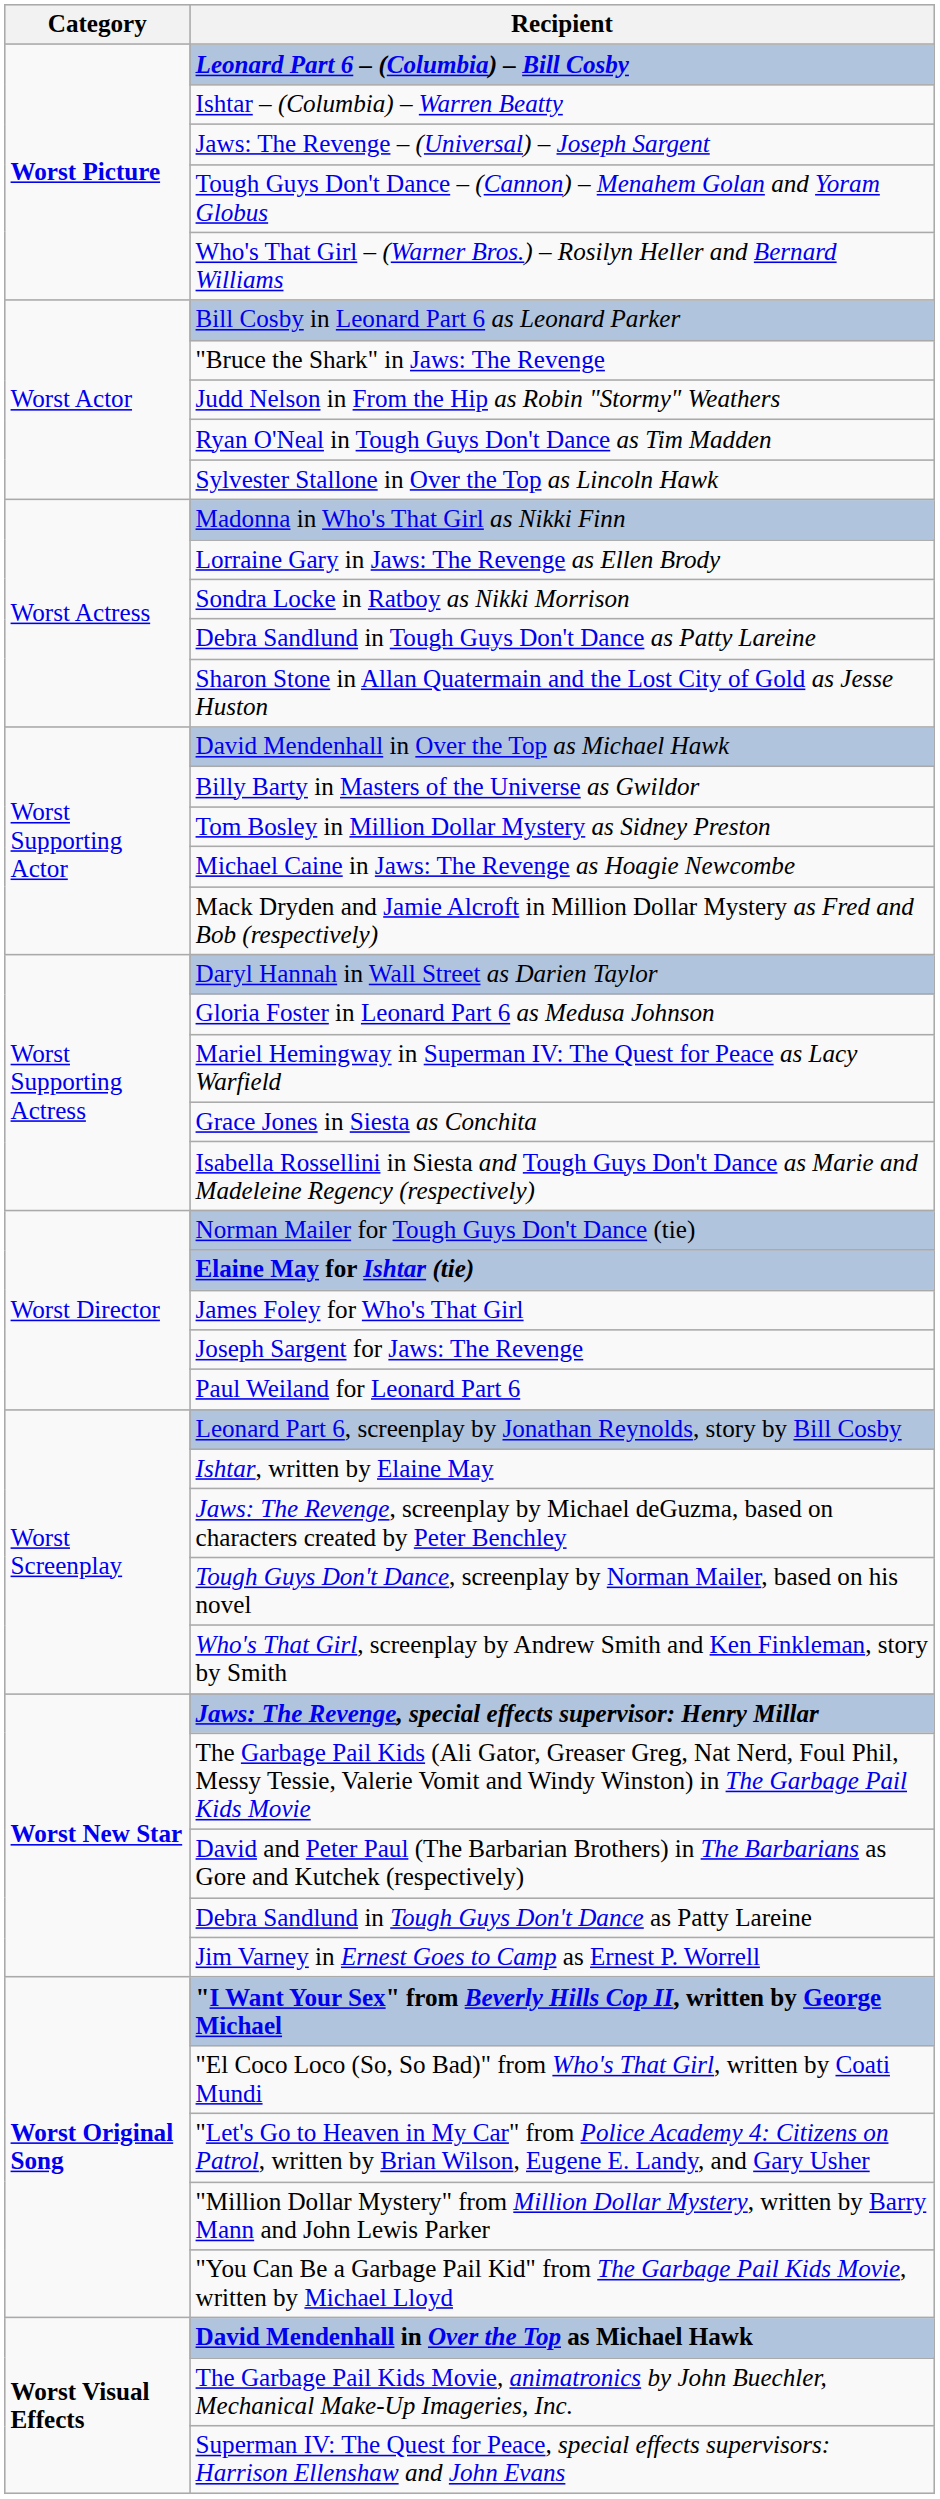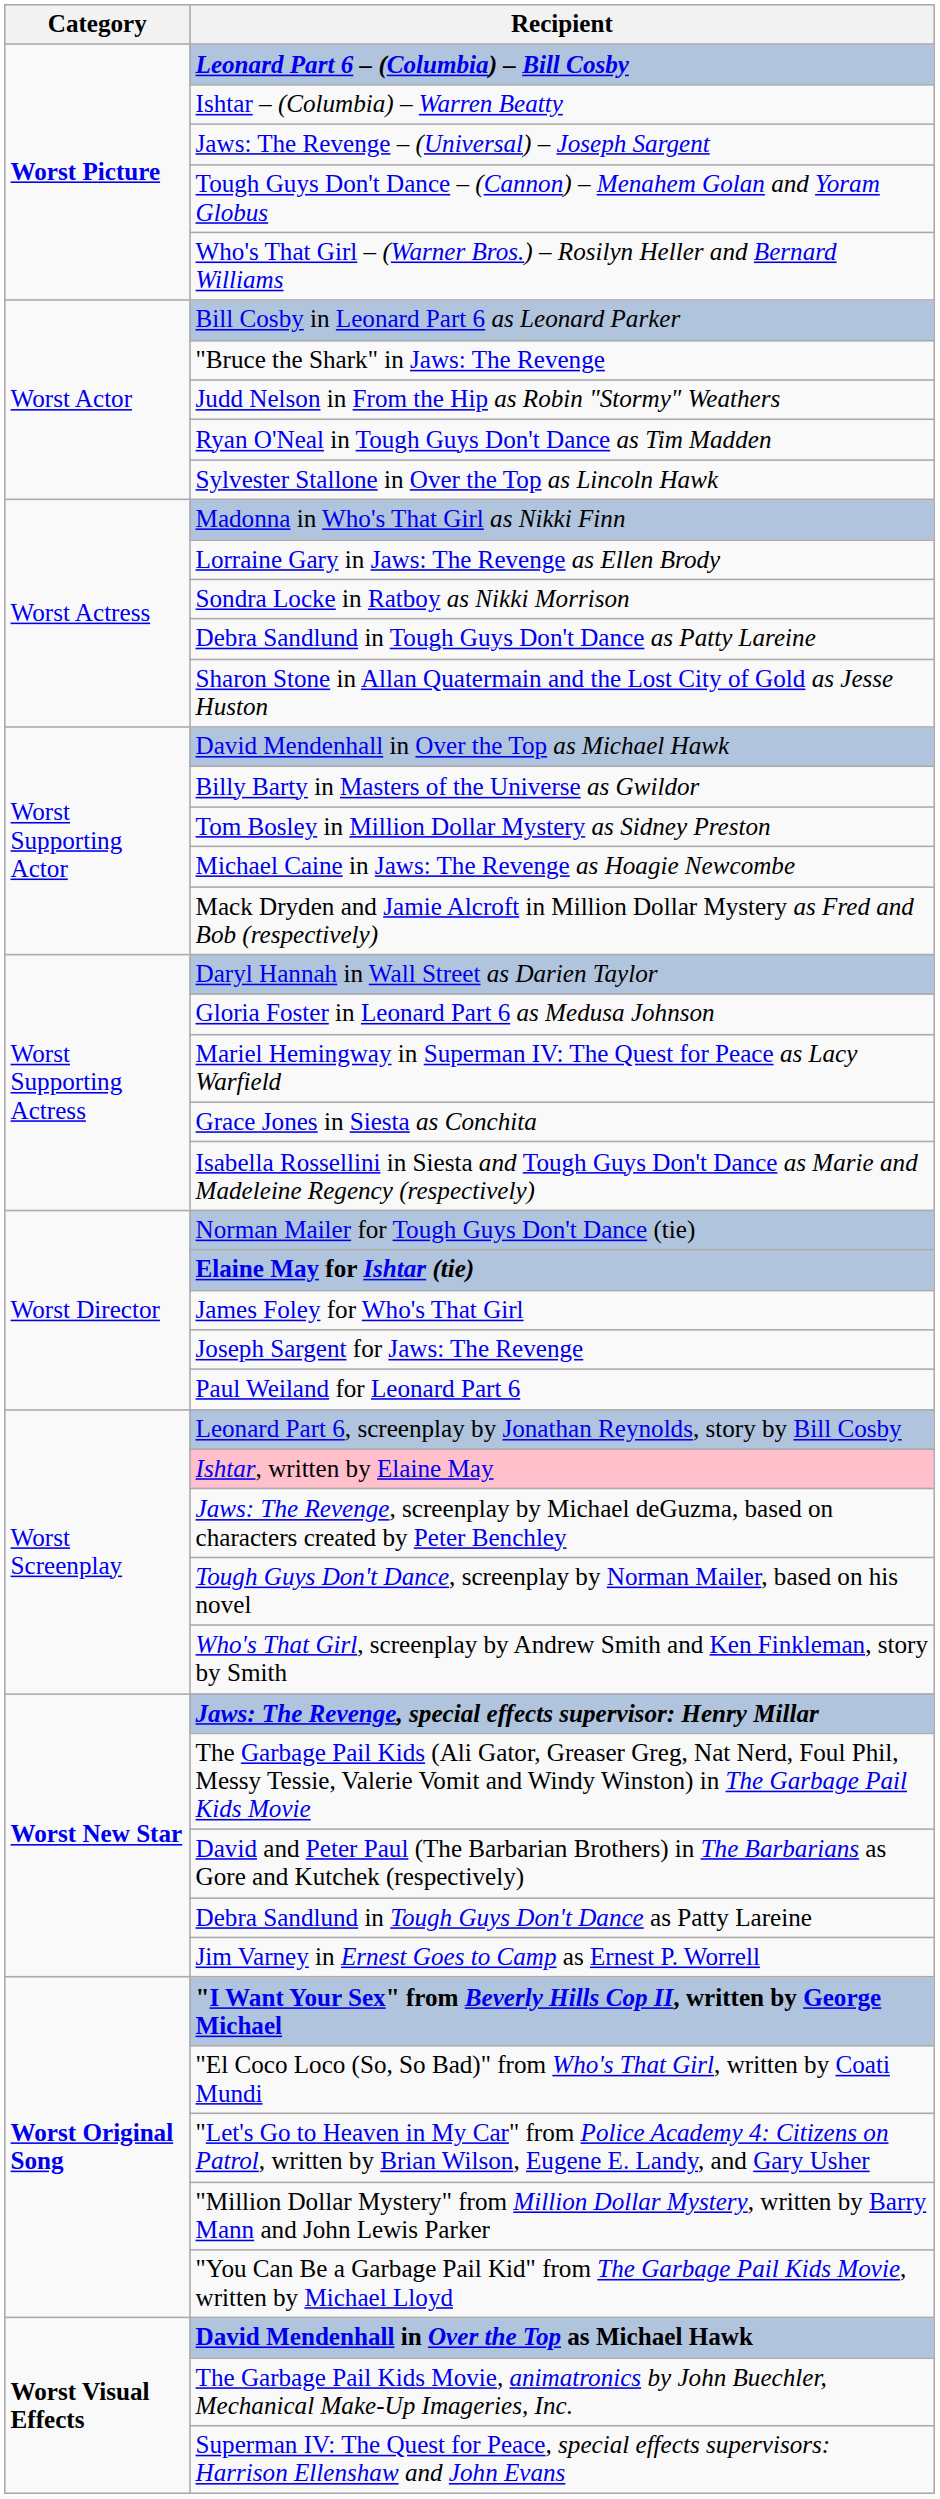 <table class="wikitable" width="95%" align="centre">
 <tr>
 <th>Category</th>
 <th>Recipient</th>
 </tr>
 <tr>
 <td rowspan=5><strong><a href='#'>Worst Picture</a></strong></td>
 <td style="background:#B0C4DE;"><strong><em><a href='#'>Leonard Part 6</a><em> – (<a href='#'>Columbia</a>) – <a href='#'>Bill Cosby</a><strong></td>
 </tr>
 <tr>
 <td></em><a href='#'>Ishtar</a><em> – (Columbia) – <a href='#'>Warren Beatty</a></td>
 </tr>
 <tr>
 <td></em><a href='#'>Jaws: The Revenge</a><em> – (<a href='#'>Universal</a>) – <a href='#'>Joseph Sargent</a></td>
 </tr>
 <tr>
 <td></em><a href='#'>Tough Guys Don't Dance</a><em> – (<a href='#'>Cannon</a>) – <a href='#'>Menahem Golan</a> and <a href='#'>Yoram Globus</a></td>
 </tr>
 <tr>
 <td></em><a href='#'>Who's That Girl</a><em> – (<a href='#'>Warner Bros.</a>) – Rosilyn Heller and <a href='#'>Bernard Williams</a></td>
 </tr>
 <tr>
 <td rowspan=5></strong><a href='#'>Worst Actor</a><strong></td>
 <td style="background:#B0C4DE;"></strong><a href='#'>Bill Cosby</a> in </em><a href='#'>Leonard Part 6</a><em> as Leonard Parker<strong></td>
 </tr>
 <tr>
 <td>"Bruce the Shark" in </em><a href='#'>Jaws: The Revenge</a><em></td>
 </tr>
 <tr>
 <td><a href='#'>Judd Nelson</a> in </em><a href='#'>From the Hip</a><em> as Robin "Stormy" Weathers</td>
 </tr>
 <tr>
 <td><a href='#'>Ryan O'Neal</a> in </em><a href='#'>Tough Guys Don't Dance</a><em> as Tim Madden</td>
 </tr>
 <tr>
 <td><a href='#'>Sylvester Stallone</a> in </em><a href='#'>Over the Top</a><em> as Lincoln Hawk</td>
 </tr>
 <tr>
 <td rowspan=5></strong><a href='#'>Worst Actress</a><strong></td>
 <td style="background:#B0C4DE;"></strong><a href='#'>Madonna</a> in </em><a href='#'>Who's That Girl</a><em> as Nikki Finn<strong></td>
 </tr>
 <tr>
 <td><a href='#'>Lorraine Gary</a> in </em><a href='#'>Jaws: The Revenge</a><em> as Ellen Brody</td>
 </tr>
 <tr>
 <td><a href='#'>Sondra Locke</a> in </em><a href='#'>Ratboy</a><em> as Nikki Morrison</td>
 </tr>
 <tr>
 <td><a href='#'>Debra Sandlund</a> in </em><a href='#'>Tough Guys Don't Dance</a><em> as Patty Lareine</td>
 </tr>
 <tr>
 <td><a href='#'>Sharon Stone</a> in </em><a href='#'>Allan Quatermain and the Lost City of Gold</a><em> as Jesse Huston</td>
 </tr>
 <tr>
 <td rowspan=5></strong><a href='#'>Worst Supporting Actor</a><strong></td>
 <td style="background:#B0C4DE;"></strong><a href='#'>David Mendenhall</a> in </em><a href='#'>Over the Top</a><em> as Michael Hawk<strong></td>
 </tr>
 <tr>
 <td><a href='#'>Billy Barty</a> in </em><a href='#'>Masters of the Universe</a><em> as Gwildor</td>
 </tr>
 <tr>
 <td><a href='#'>Tom Bosley</a> in </em><a href='#'>Million Dollar Mystery</a><em> as Sidney Preston</td>
 </tr>
 <tr>
 <td><a href='#'>Michael Caine</a> in </em><a href='#'>Jaws: The Revenge</a><em> as Hoagie Newcombe</td>
 </tr>
 <tr>
 <td>Mack Dryden and <a href='#'>Jamie Alcroft</a> in </em>Million Dollar Mystery<em> as Fred and Bob (respectively)</td>
 </tr>
 <tr>
 <td rowspan=5></strong><a href='#'>Worst Supporting Actress</a><strong></td>
 <td style="background:#B0C4DE;"></strong><a href='#'>Daryl Hannah</a> in </em><a href='#'>Wall Street</a><em> as Darien Taylor<strong></td>
 </tr>
 <tr>
 <td><a href='#'>Gloria Foster</a> in </em><a href='#'>Leonard Part 6</a><em> as Medusa Johnson</td>
 </tr>
 <tr>
 <td><a href='#'>Mariel Hemingway</a> in </em><a href='#'>Superman IV: The Quest for Peace</a><em> as Lacy Warfield</td>
 </tr>
 <tr>
 <td><a href='#'>Grace Jones</a> in </em><a href='#'>Siesta</a><em> as Conchita</td>
 </tr>
 <tr>
 <td><a href='#'>Isabella Rossellini</a> in </em>Siesta<em> and </em><a href='#'>Tough Guys Don't Dance</a><em> as Marie and Madeleine Regency (respectively)</td>
 </tr>
 <tr>
 <td rowspan=5></strong><a href='#'>Worst Director</a><strong></td>
 <td style="background:#B0C4DE;"></strong><a href='#'>Norman Mailer</a> for </em><a href='#'>Tough Guys Don't Dance</a></em></strong> (tie)</td>
 </tr>
 <tr>
 <td style="background:#B0C4DE;"><strong><a href='#'>Elaine May</a> for <em><a href='#'>Ishtar</a><strong><em> (tie)</td>
 </tr>
 <tr>
 <td><a href='#'>James Foley</a> for </em><a href='#'>Who's That Girl</a><em></td>
 </tr>
 <tr>
 <td><a href='#'>Joseph Sargent</a> for </em><a href='#'>Jaws: The Revenge</a><em></td>
 </tr>
 <tr>
 <td><a href='#'>Paul Weiland</a> for </em><a href='#'>Leonard Part 6</a><em></td>
 </tr>
 <tr>
 <td rowspan=5></strong><a href='#'>Worst Screenplay</a><strong></td>
 <td style="background:#B0C4DE;"></em></strong><a href='#'>Leonard Part 6</a></em>, screenplay by <a href='#'>Jonathan Reynolds</a>, story by <a href='#'>Bill Cosby</a></strong></td>
 </tr>
 <tr>
-<td><em><a href='#'>Ishtar</a></em>, written by <a href='#'>Elaine May</a></td>
+<td style="background: pink;"><em><a href='#'>Ishtar</a></em>, written by <a href='#'>Elaine May</a></td>
 </tr>
 <tr>
 <td><em><a href='#'>Jaws: The Revenge</a></em>, screenplay by Michael deGuzma, based on characters created by <a href='#'>Peter Benchley</a></td>
 </tr>
 <tr>
 <td><em><a href='#'>Tough Guys Don't Dance</a></em>, screenplay by <a href='#'>Norman Mailer</a>, based on his novel</td>
 </tr>
 <tr>
 <td><em><a href='#'>Who's That Girl</a></em>, screenplay by Andrew Smith and <a href='#'>Ken Finkleman</a>, story by Smith</td>
 </tr>
 <tr>
 <td rowspan=5><strong><a href='#'>Worst New Star</a></strong></td>
 <td style="background:#B0C4DE;"><strong><em><a href='#'>Jaws: The Revenge</a><em>, special effects supervisor: Henry Millar<strong></td>
 </tr>
 <tr>
 <td>The <a href='#'>Garbage Pail Kids</a> (Ali Gator, Greaser Greg, Nat Nerd, Foul Phil, Messy Tessie, Valerie Vomit and Windy Winston) in <em><a href='#'>The Garbage Pail Kids Movie</a></em></td>
 </tr>
 <tr>
 <td><a href='#'>David</a> and <a href='#'>Peter Paul</a> (The Barbarian Brothers) in <em><a href='#'>The Barbarians</a></em> as Gore and Kutchek (respectively)</td>
 </tr>
 <tr>
 <td><a href='#'>Debra Sandlund</a> in <em><a href='#'>Tough Guys Don't Dance</a></em> as Patty Lareine</td>
 </tr>
 <tr>
 <td><a href='#'>Jim Varney</a> in <em><a href='#'>Ernest Goes to Camp</a></em> as <a href='#'>Ernest P. Worrell</a></td>
 </tr>
 <tr>
 <td rowspan=5><strong><a href='#'>Worst Original Song</a></strong></td>
 <td style="background:#B0C4DE;"><strong>"<a href='#'>I Want Your Sex</a>" from <em><a href='#'>Beverly Hills Cop II</a></em>, written by <a href='#'>George Michael</a></strong></td>
 </tr>
 <tr>
 <td>"El Coco Loco (So, So Bad)" from <em><a href='#'>Who's That Girl</a></em>, written by <a href='#'>Coati Mundi</a></td>
 </tr>
 <tr>
 <td>"<a href='#'>Let's Go to Heaven in My Car</a>" from <em><a href='#'>Police Academy 4: Citizens on Patrol</a></em>, written by <a href='#'>Brian Wilson</a>, <a href='#'>Eugene E. Landy</a>, and <a href='#'>Gary Usher</a></td>
 </tr>
 <tr>
 <td>"Million Dollar Mystery" from <em><a href='#'>Million Dollar Mystery</a></em>, written by <a href='#'>Barry Mann</a> and John Lewis Parker</td>
 </tr>
 <tr>
 <td>"You Can Be a Garbage Pail Kid" from <em><a href='#'>The Garbage Pail Kids Movie</a></em>, written by <a href='#'>Michael Lloyd</a></td>
 </tr>
 <tr>
 <td rowspan=3><strong>Worst Visual Effects</strong></td>
 <td style="background:#B0C4DE;"><strong><a href='#'>David Mendenhall</a> in <em><a href='#'>Over the Top</a></em> as Michael Hawk</strong></td>
 </tr>
 <tr>
 <td></em><a href='#'>The Garbage Pail Kids Movie</a><em>, <a href='#'>animatronics</a> by John Buechler, Mechanical Make-Up Imageries, Inc.</td>
 </tr>
 <tr>
 <td></em><a href='#'>Superman IV: The Quest for Peace</a><em>, special effects supervisors: <a href='#'>Harrison Ellenshaw</a> and <a href='#'>John Evans</a></td>
 </tr>
 </table>
